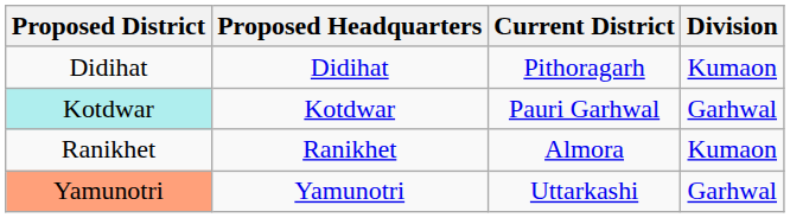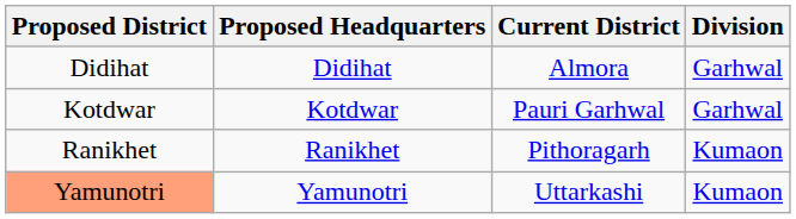 <table class="wikitable sortable" style="text-align: center;">
 <tr>
 <th>Proposed District</th>
 <th>Proposed Headquarters</th>
 <th>Current District</th>
 <th>Division</th>
 </tr>
 <tr>
 <td>Didihat</td>
 <td><a href='#'>Didihat</a></td>
-<td><a href='#'>Pithoragarh</a></td>
-<td><a href='#'>Kumaon</a></td>
+<td><a href='#'>Almora</a></td>
+<td><a href='#'>Garhwal</a></td>
 </tr>
 <tr>
-<td style="background: paleturquoise;">Kotdwar</td>
+<td>Kotdwar</td>
 <td><a href='#'>Kotdwar</a></td>
 <td><a href='#'>Pauri Garhwal</a></td>
 <td><a href='#'>Garhwal</a></td>
 </tr>
 <tr>
 <td>Ranikhet</td>
 <td><a href='#'>Ranikhet</a></td>
-<td><a href='#'>Almora</a></td>
+<td><a href='#'>Pithoragarh</a></td>
 <td><a href='#'>Kumaon</a></td>
 </tr>
 <tr>
 <td style="background: lightsalmon;">Yamunotri</td>
 <td><a href='#'>Yamunotri</a></td>
 <td><a href='#'>Uttarkashi</a></td>
-<td><a href='#'>Garhwal</a></td>
+<td><a href='#'>Kumaon</a></td>
 </tr>
 </table>
